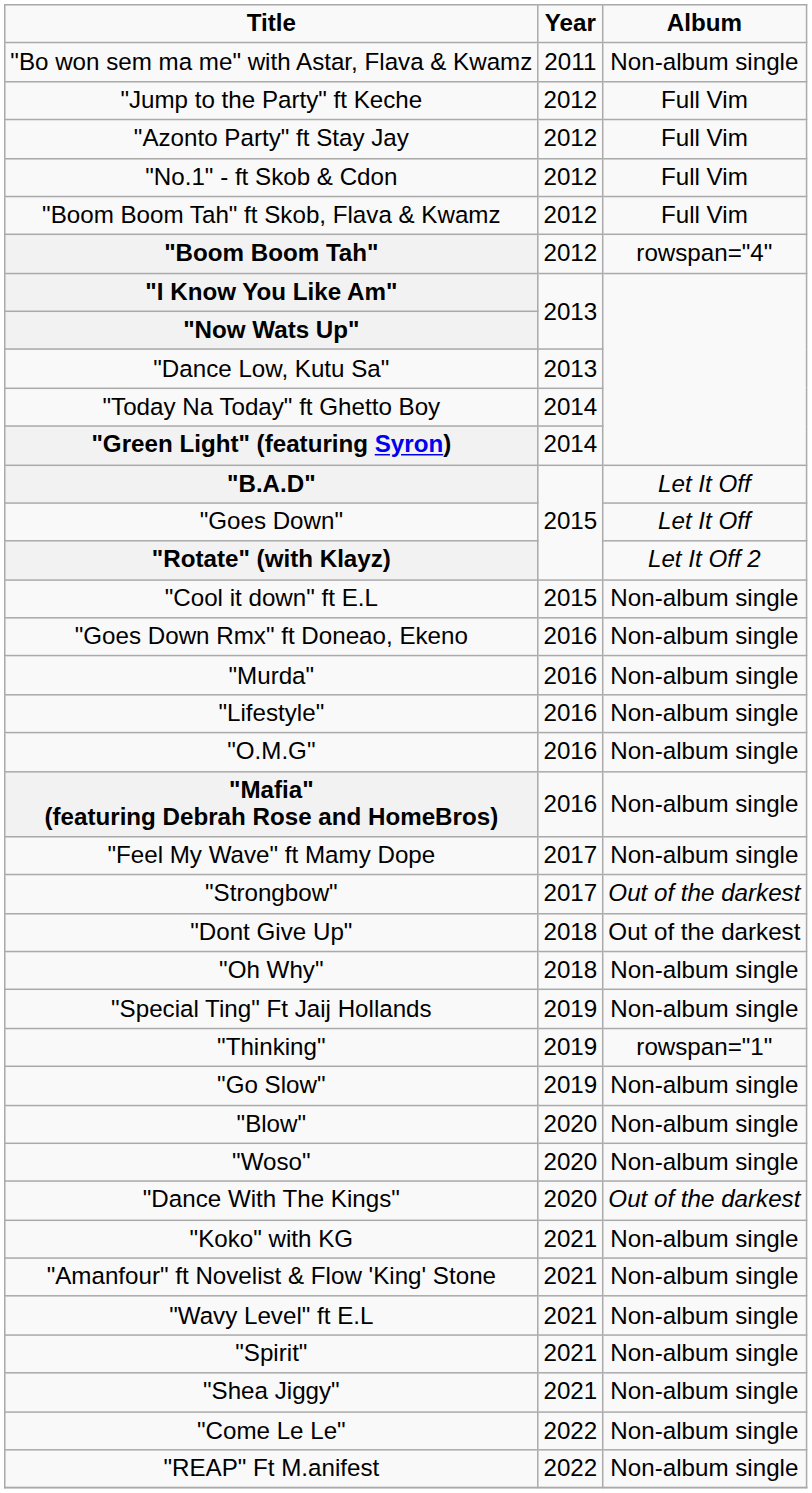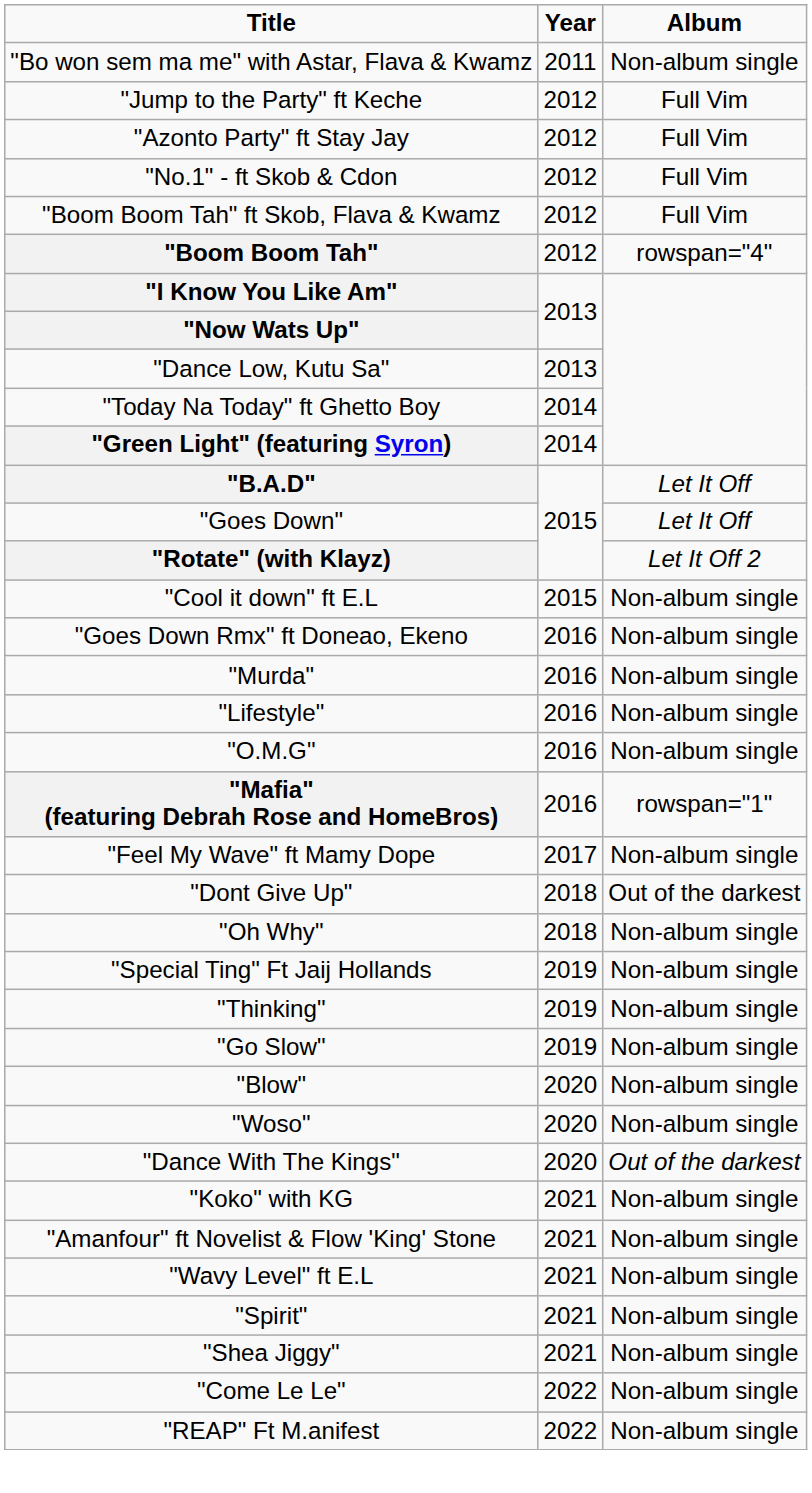 <table class="wikitable plainrowheaders" style="text-align:center;">
 <tr>
 <td><strong>Title</strong></td>
 <td><strong>Year</strong></td>
 <td><strong>Album</strong></td>
 </tr>
 <tr>
 <td>"Bo won sem ma me" with Astar, Flava & Kwamz</td>
 <td>2011</td>
 <td>Non-album single</td>
 </tr>
 <tr>
 <td>"Jump to the Party" ft Keche</td>
 <td>2012</td>
 <td>Full Vim</td>
 </tr>
 <tr>
 <td>"Azonto Party" ft Stay Jay</td>
 <td>2012</td>
 <td>Full Vim</td>
 </tr>
 <tr>
 <td>"No.1" - ft Skob & Cdon</td>
 <td>2012</td>
 <td>Full Vim</td>
 </tr>
 <tr>
 <td>"Boom Boom Tah" ft Skob, Flava & Kwamz</td>
 <td>2012</td>
 <td>Full Vim</td>
 </tr>
 <tr>
 <th scope="row">"Boom Boom Tah"</th>
 <td>2012</td>
 <td>rowspan="4" </td>
 </tr>
 <tr>
 <th scope="row">"I Know You Like Am"</th>
 <td rowspan="2">2013</td>
 </tr>
 <tr>
 <th scope="row">"Now Wats Up"</th>
 </tr>
 <tr>
 <td>"Dance Low, Kutu Sa"</td>
 <td>2013</td>
 </tr>
 <tr>
 <td>"Today Na Today" ft Ghetto Boy</td>
 <td>2014</td>
 </tr>
 <tr>
 <th scope="row">"Green Light" <span>(featuring <a href='#'>Syron</a>)</span></th>
 <td>2014</td>
 </tr>
 <tr>
 <th scope="row">"B.A.D"</th>
 <td rowspan="3">2015</td>
 <td><em>Let It Off</em></td>
 </tr>
 <tr>
 <td>"Goes Down"</td>
 <td><em>Let It Off</em></td>
 </tr>
 <tr>
 <th scope="row">"Rotate" <span>(with Klayz)</span></th>
 <td><em>Let It Off 2</em></td>
 </tr>
 <tr>
 <td>"Cool it down" ft E.L</td>
 <td>2015</td>
 <td>Non-album single</td>
 </tr>
 <tr>
 <td>"Goes Down Rmx" ft Doneao, Ekeno</td>
 <td>2016</td>
 <td>Non-album single</td>
 </tr>
 <tr>
 <td>"Murda"</td>
 <td>2016</td>
 <td>Non-album single</td>
 </tr>
 <tr>
 <td>"Lifestyle"</td>
 <td>2016</td>
 <td>Non-album single</td>
 </tr>
 <tr>
 <td>"O.M.G"</td>
 <td>2016</td>
 <td>Non-album single</td>
 </tr>
 <tr>
 <th scope="row">"Mafia"<br><span>(featuring Debrah Rose and HomeBros)</span></th>
 <td>2016</td>
-<td>Non-album single</td>
+<td>rowspan="1" </td>
 </tr>
 <tr>
 <td>"Feel My Wave" ft Mamy Dope</td>
 <td>2017</td>
 <td>Non-album single</td>
-</tr>
-<tr>
-<td>"Strongbow"</td>
-<td>2017</td>
-<td><em>Out of the darkest</em></td>
 </tr>
 <tr>
 <td>"Dont Give Up"</td>
 <td>2018</td>
 <td>Out of the darkest</td>
 </tr>
 <tr>
 <td>"Oh Why"</td>
 <td>2018</td>
 <td>Non-album single</td>
 </tr>
 <tr>
 <td>"Special Ting" Ft Jaij Hollands</td>
 <td>2019</td>
 <td>Non-album single</td>
 </tr>
 <tr>
 <td>"Thinking"</td>
 <td>2019</td>
-<td>rowspan="1" </td>
+<td>Non-album single</td>
 </tr>
 <tr>
 <td>"Go Slow"</td>
 <td>2019</td>
 <td>Non-album single</td>
 </tr>
 <tr>
 <td>"Blow"</td>
 <td>2020</td>
 <td>Non-album single</td>
 </tr>
 <tr>
 <td>"Woso"</td>
 <td>2020</td>
 <td>Non-album single</td>
 </tr>
 <tr>
 <td>"Dance With The Kings"</td>
 <td>2020</td>
 <td><em>Out of the darkest</em></td>
 </tr>
 <tr>
 <td>"Koko" with KG</td>
 <td>2021</td>
 <td>Non-album single</td>
 </tr>
 <tr>
 <td>"Amanfour" ft Novelist & Flow 'King' Stone</td>
 <td>2021</td>
 <td>Non-album single</td>
 </tr>
 <tr>
 <td>"Wavy Level" ft E.L</td>
 <td>2021</td>
 <td>Non-album single</td>
 </tr>
 <tr>
 <td>"Spirit"</td>
 <td>2021</td>
 <td>Non-album single</td>
 </tr>
 <tr>
 <td>"Shea Jiggy"</td>
 <td>2021</td>
 <td>Non-album single</td>
 </tr>
 <tr>
 <td>"Come Le Le"</td>
 <td>2022</td>
 <td>Non-album single</td>
 </tr>
 <tr>
 <td>"REAP" Ft M.anifest</td>
 <td>2022</td>
 <td>Non-album single</td>
 </tr>
 <tr>
 </tr>
 </table>
